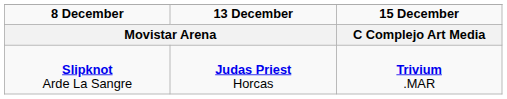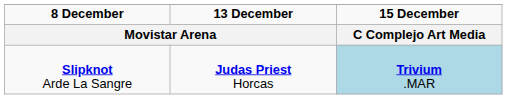 <table class="wikitable">
 <tr>
 </tr>
 <tr>
 <td style="text-align:center;"><strong>8 December</strong></td>
 <td style="text-align:center;"><strong>13 December</strong></td>
 <td style="text-align:center;"><strong>15 December</strong></td>
 </tr>
 <tr>
 <th colspan="2">Movistar Arena</th>
 <th>C Complejo Art Media</th>
 </tr>
 <tr>
 <td style="text-align:center; vertical-align:top; width:200px;"><br><strong><a href='#'>Slipknot</a></strong><br> Arde La Sangre<br></td>
 <td style="text-align:center; vertical-align:top; width:200px;"><br><strong><a href='#'>Judas Priest</a></strong><br> Horcas<br></td>
-<td style="text-align:center; vertical-align:top; width:200px;"><br><strong><a href='#'>Trivium</a></strong><br> .MAR<br></td>
+<td style="background: lightblue; text-align:center; vertical-align:top; width:200px;"><br><strong><a href='#'>Trivium</a></strong><br> .MAR<br></td>
 </tr>
 </table>
